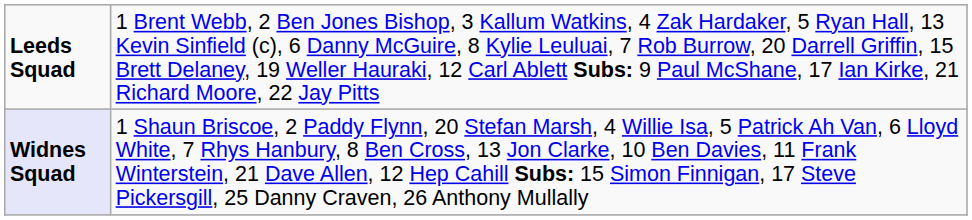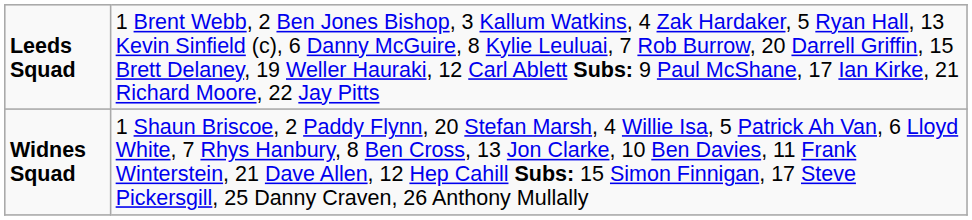 <table class="wikitable" style="font-size:85%;">
 <tr>
 <td><strong>Leeds Squad</strong></td>
 <td>1 <a href='#'>Brent Webb</a>, 2 <a href='#'>Ben Jones Bishop</a>, 3 <a href='#'>Kallum Watkins</a>, 4 <a href='#'>Zak Hardaker</a>, 5 <a href='#'>Ryan Hall</a>, 13 <a href='#'>Kevin Sinfield</a> (c), 6 <a href='#'>Danny McGuire</a>, 8 <a href='#'>Kylie Leuluai</a>, 7 <a href='#'>Rob Burrow</a>, 20 <a href='#'>Darrell Griffin</a>, 15 <a href='#'>Brett Delaney</a>, 19 <a href='#'>Weller Hauraki</a>, 12 <a href='#'>Carl Ablett</a> <strong>Subs:</strong> 9 <a href='#'>Paul McShane</a>, 17 <a href='#'>Ian Kirke</a>, 21 <a href='#'>Richard Moore</a>, 22 <a href='#'>Jay Pitts</a></td>
 </tr>
 <tr>
-<td style="background: lavender;"><strong>Widnes Squad</strong></td>
+<td><strong>Widnes Squad</strong></td>
 <td>1 <a href='#'>Shaun Briscoe</a>, 2 <a href='#'>Paddy Flynn</a>, 20 <a href='#'>Stefan Marsh</a>, 4 <a href='#'>Willie Isa</a>, 5 <a href='#'>Patrick Ah Van</a>, 6 <a href='#'>Lloyd White</a>, 7 <a href='#'>Rhys Hanbury</a>, 8 <a href='#'>Ben Cross</a>, 13 <a href='#'>Jon Clarke</a>, 10 <a href='#'>Ben Davies</a>, 11 <a href='#'>Frank Winterstein</a>, 21 <a href='#'>Dave Allen</a>, 12 <a href='#'>Hep Cahill</a> <strong>Subs:</strong> 15 <a href='#'>Simon Finnigan</a>, 17 <a href='#'>Steve Pickersgill</a>, 25 Danny Craven, 26 Anthony Mullally</td>
 </tr>
 </table>
